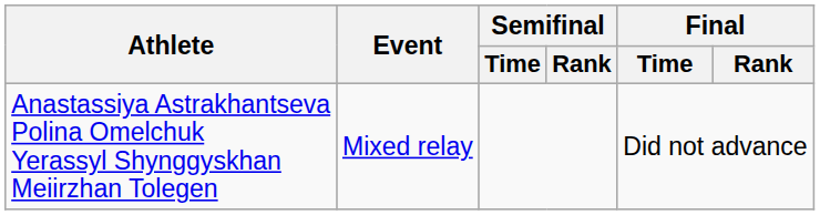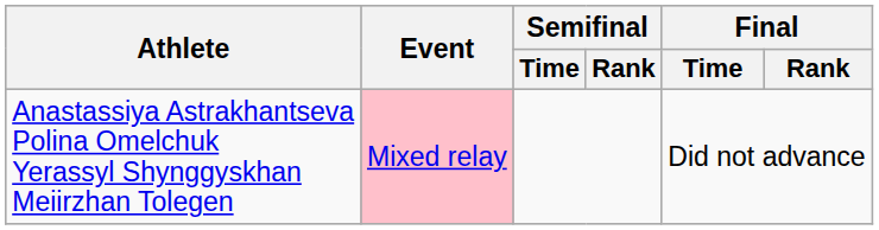 <table class="wikitable" style="font-size:90%">
 <tr>
 <th rowspan=2>Athlete</th>
 <th rowspan=2>Event</th>
 <th colspan=2>Semifinal</th>
 <th colspan=2>Final</th>
 </tr>
 <tr style="font-size:95%">
 <th>Time</th>
 <th>Rank</th>
 <th>Time</th>
 <th>Rank</th>
 </tr>
 <tr align=center>
 <td align=left><a href='#'>Anastassiya Astrakhantseva</a><br><a href='#'>Polina Omelchuk</a><br><a href='#'>Yerassyl Shynggyskhan</a><br><a href='#'>Meiirzhan Tolegen</a></td>
-<td align=left><a href='#'>Mixed relay</a></td>
+<td align=left style="background: pink;"><a href='#'>Mixed relay</a></td>
 <td colspan=2></td>
 <td colspan=2>Did not advance</td>
 </tr>
 </table>
